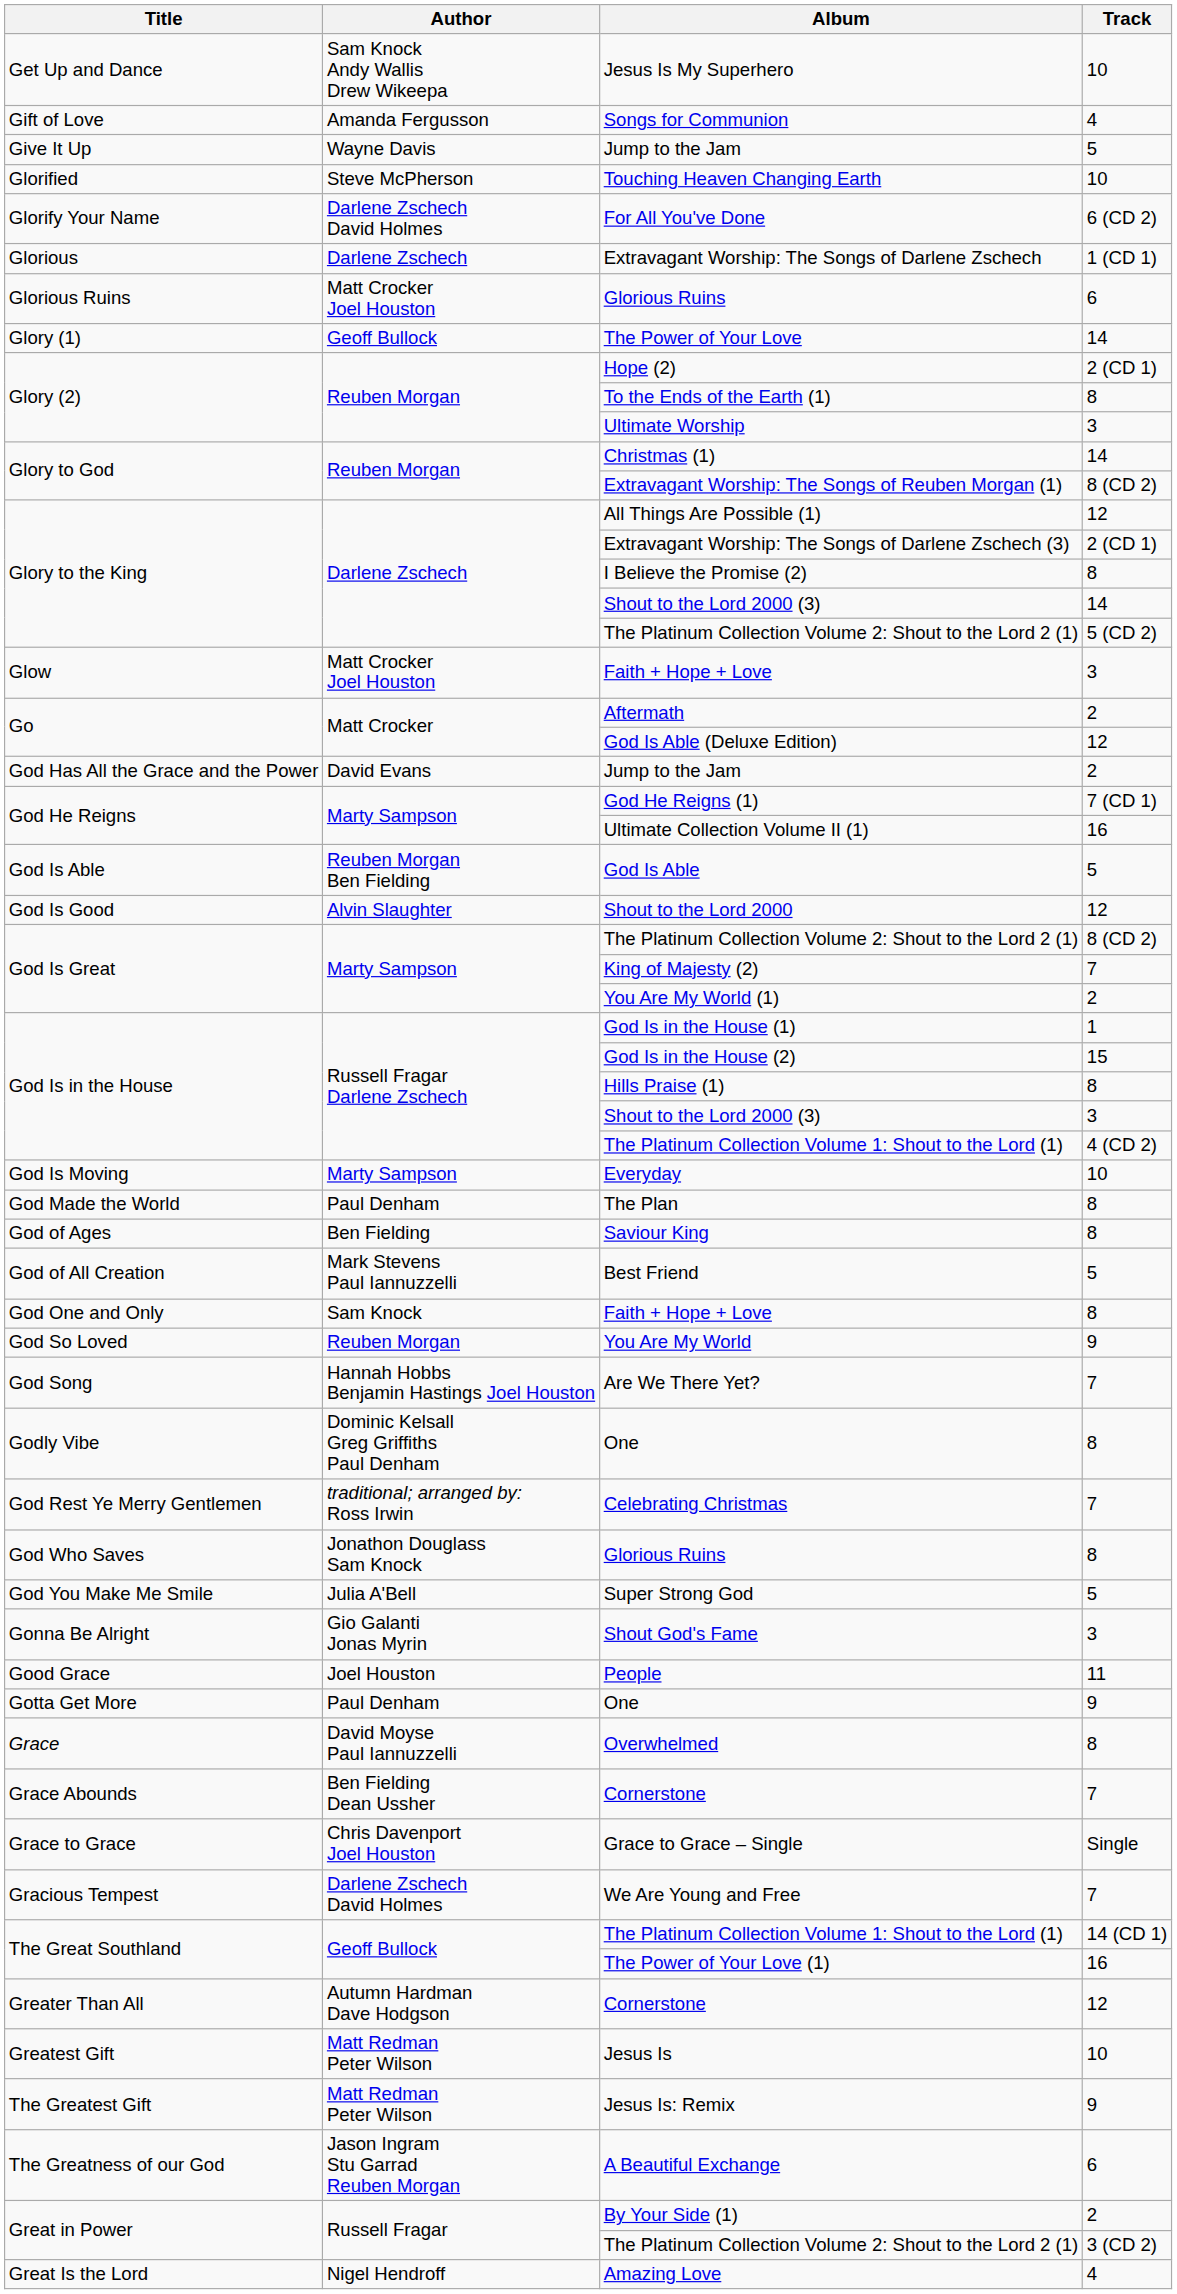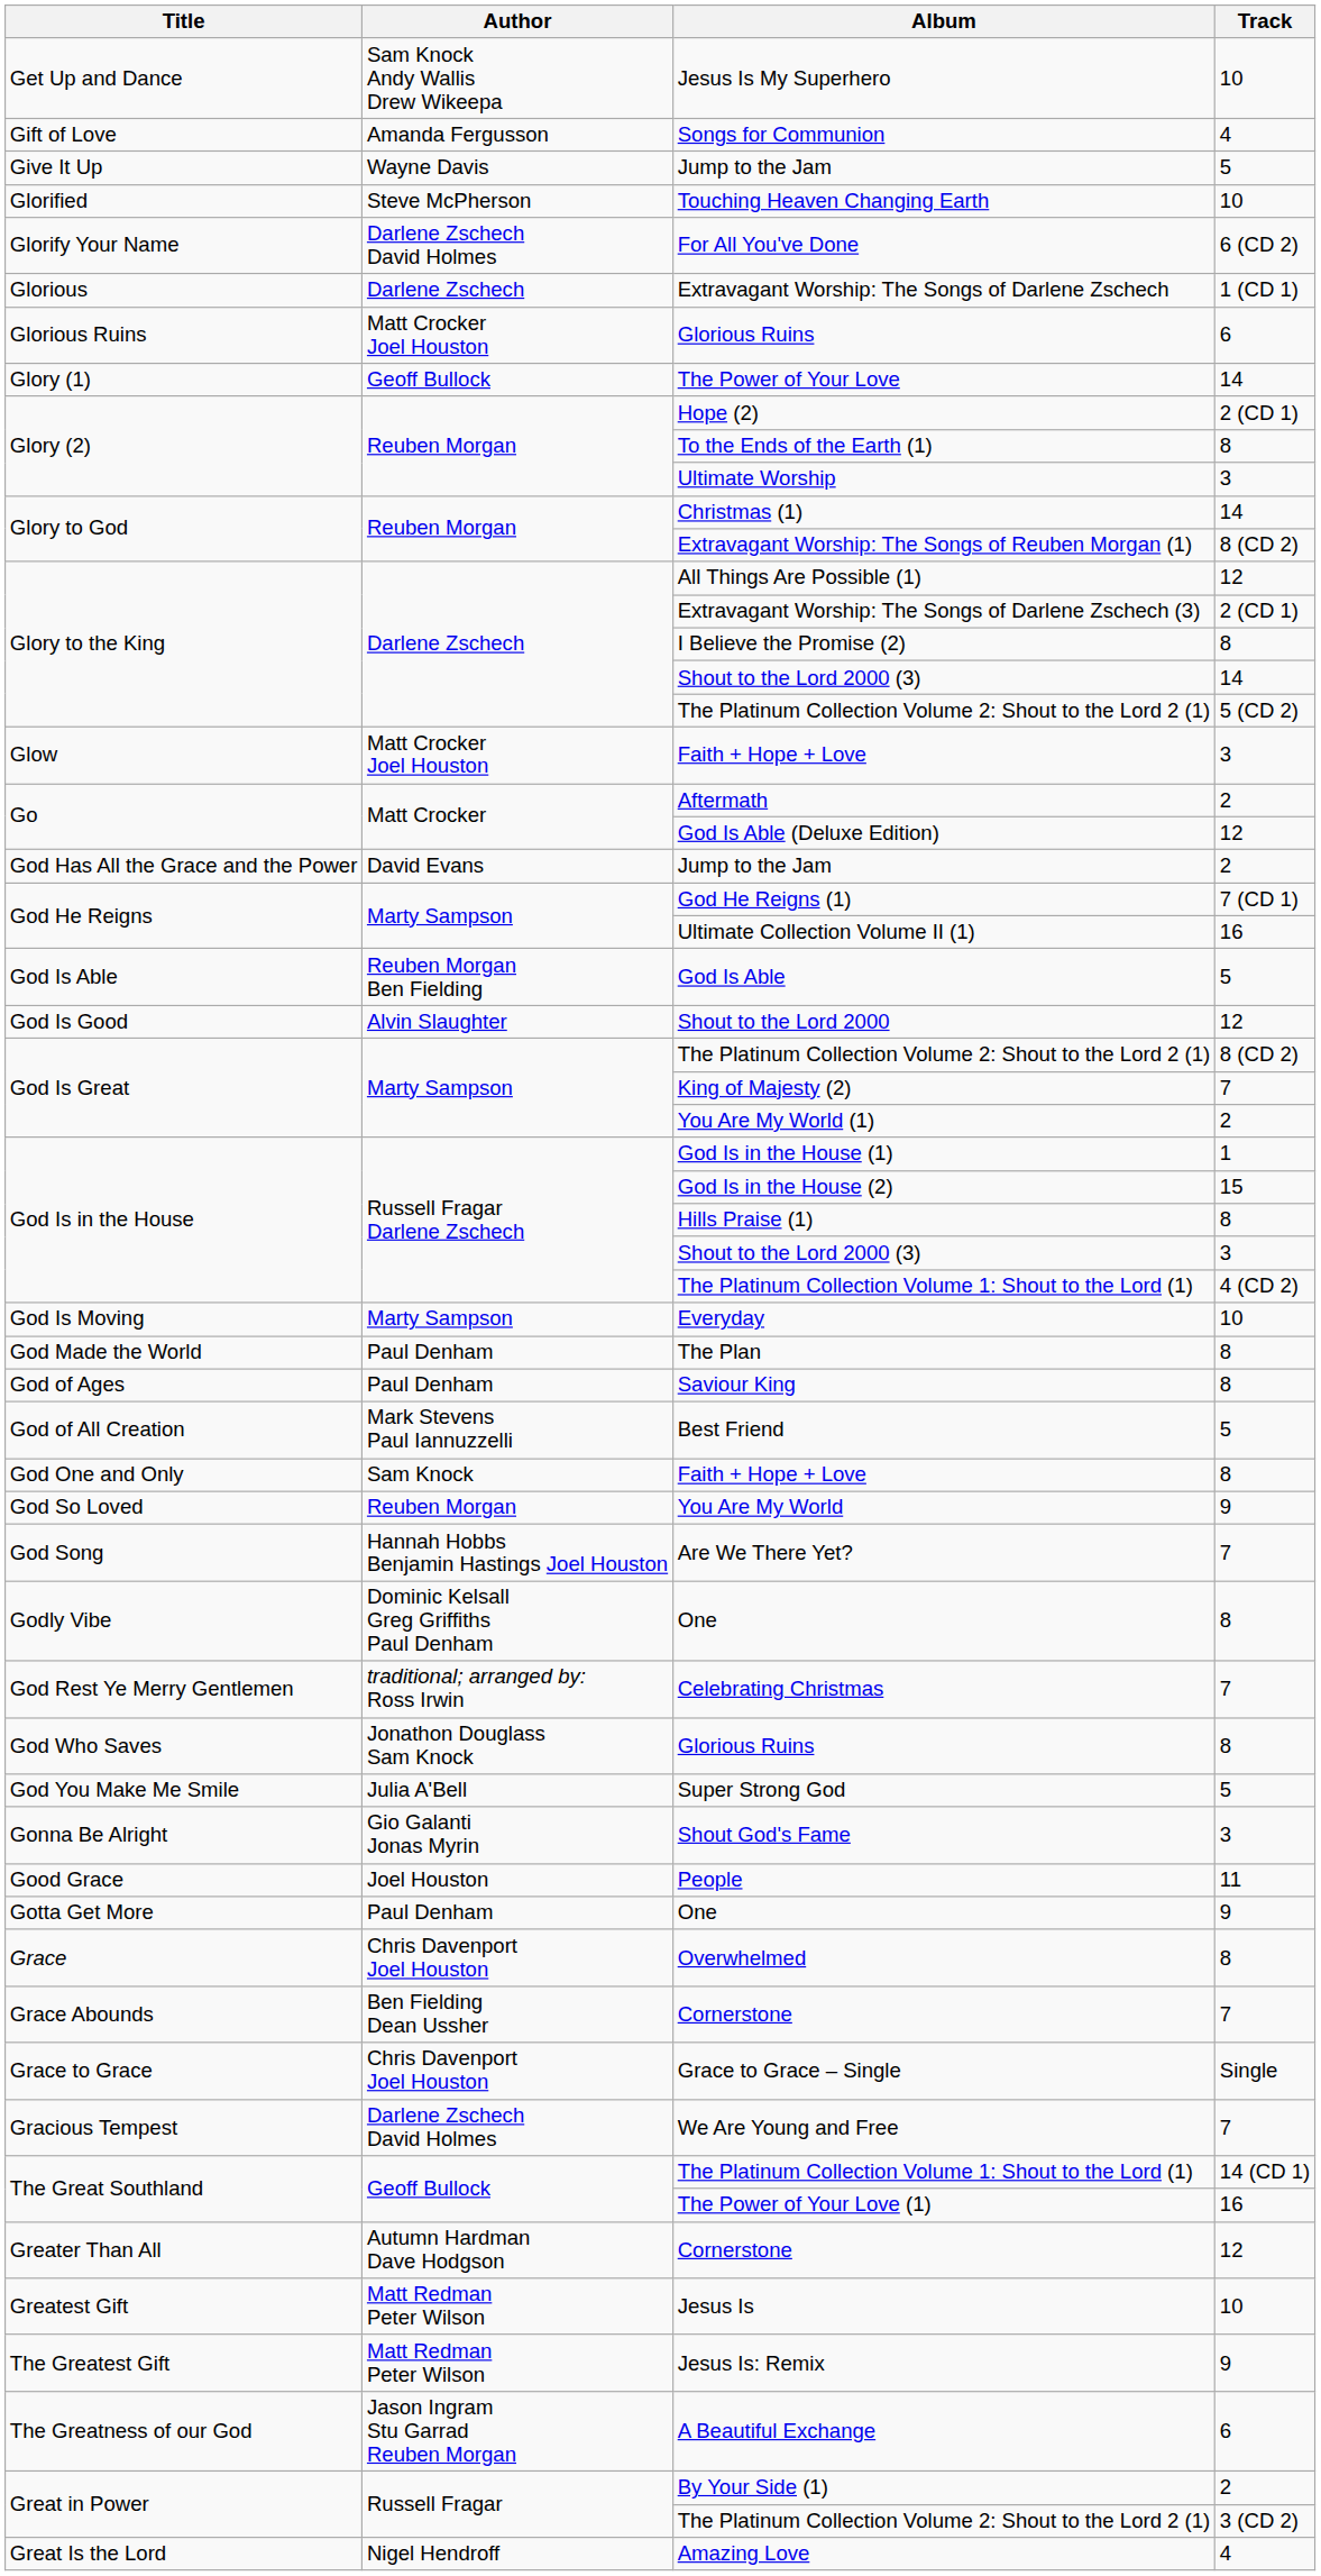 <table class="wikitable">
 <tr>
 <th>Title</th>
 <th>Author</th>
 <th>Album</th>
 <th>Track</th>
 </tr>
 <tr>
 <td>Get Up and Dance</td>
 <td>Sam Knock<br>Andy Wallis<br>Drew Wikeepa</td>
 <td>Jesus Is My Superhero</td>
 <td>10</td>
 </tr>
 <tr>
 <td>Gift of Love</td>
 <td>Amanda Fergusson</td>
 <td><a href='#'>Songs for Communion</a></td>
 <td>4</td>
 </tr>
 <tr>
 <td>Give It Up</td>
 <td>Wayne Davis</td>
 <td>Jump to the Jam</td>
 <td>5</td>
 </tr>
 <tr>
 <td>Glorified</td>
 <td>Steve McPherson</td>
 <td><a href='#'>Touching Heaven Changing Earth</a></td>
 <td>10</td>
 </tr>
 <tr>
 <td>Glorify Your Name</td>
 <td><a href='#'>Darlene Zschech</a><br>David Holmes</td>
 <td><a href='#'>For All You've Done</a></td>
 <td>6 (CD 2)</td>
 </tr>
 <tr>
 <td>Glorious</td>
 <td><a href='#'>Darlene Zschech</a></td>
 <td>Extravagant Worship: The Songs of Darlene Zschech</td>
 <td>1 (CD 1)</td>
 </tr>
 <tr>
 <td>Glorious Ruins</td>
 <td>Matt Crocker <br> <a href='#'>Joel Houston</a></td>
 <td><a href='#'>Glorious Ruins</a></td>
 <td>6</td>
 </tr>
 <tr>
 <td>Glory (1)</td>
 <td><a href='#'>Geoff Bullock</a></td>
 <td><a href='#'>The Power of Your Love</a></td>
 <td>14</td>
 </tr>
 <tr>
 <td rowspan="3">Glory (2)</td>
 <td rowspan="3"><a href='#'>Reuben Morgan</a></td>
 <td><a href='#'>Hope</a> (2)</td>
 <td>2 (CD 1)</td>
 </tr>
 <tr>
 <td><a href='#'>To the Ends of the Earth</a> (1)</td>
 <td>8</td>
 </tr>
 <tr>
 <td><a href='#'>Ultimate Worship</a></td>
 <td>3</td>
 </tr>
 <tr>
 <td rowspan="2">Glory to God</td>
 <td rowspan="2"><a href='#'>Reuben Morgan</a></td>
 <td><a href='#'>Christmas</a> (1)</td>
 <td>14</td>
 </tr>
 <tr>
 <td><a href='#'>Extravagant Worship: The Songs of Reuben Morgan</a> (1)</td>
 <td>8 (CD 2)</td>
 </tr>
 <tr>
 <td rowspan="5">Glory to the King</td>
 <td rowspan="5"><a href='#'>Darlene Zschech</a></td>
 <td>All Things Are Possible (1)</td>
 <td>12</td>
 </tr>
 <tr>
 <td>Extravagant Worship: The Songs of Darlene Zschech (3)</td>
 <td>2 (CD 1)</td>
 </tr>
 <tr>
 <td>I Believe the Promise (2)</td>
 <td>8</td>
 </tr>
 <tr>
 <td><a href='#'>Shout to the Lord 2000</a> (3)</td>
 <td>14</td>
 </tr>
 <tr>
 <td>The Platinum Collection Volume 2: Shout to the Lord 2 (1)</td>
 <td>5 (CD 2)</td>
 </tr>
 <tr>
 <td>Glow</td>
 <td>Matt Crocker <br> <a href='#'>Joel Houston</a></td>
 <td><a href='#'>Faith + Hope + Love</a></td>
 <td>3</td>
 </tr>
 <tr>
 <td rowspan="2">Go</td>
 <td rowspan="2">Matt Crocker</td>
 <td><a href='#'>Aftermath</a></td>
 <td>2</td>
 </tr>
 <tr>
 <td><a href='#'>God Is Able</a> (Deluxe Edition)</td>
 <td>12</td>
 </tr>
 <tr>
 <td>God Has All the Grace and the Power</td>
 <td>David Evans</td>
 <td>Jump to the Jam</td>
 <td>2</td>
 </tr>
 <tr>
 <td rowspan="2">God He Reigns</td>
 <td rowspan="2"><a href='#'>Marty Sampson</a></td>
 <td><a href='#'>God He Reigns</a> (1)</td>
 <td>7 (CD 1)</td>
 </tr>
 <tr>
 <td>Ultimate Collection Volume II (1)</td>
 <td>16</td>
 </tr>
 <tr>
 <td>God Is Able</td>
 <td><a href='#'>Reuben Morgan</a> <br> Ben Fielding</td>
 <td><a href='#'>God Is Able</a></td>
 <td>5</td>
 </tr>
 <tr>
 <td>God Is Good</td>
 <td><a href='#'>Alvin Slaughter</a></td>
 <td><a href='#'>Shout to the Lord 2000</a></td>
 <td>12</td>
 </tr>
 <tr>
 <td rowspan="3">God Is Great</td>
 <td rowspan="3"><a href='#'>Marty Sampson</a></td>
 <td>The Platinum Collection Volume 2: Shout to the Lord 2 (1)</td>
 <td>8 (CD 2)</td>
 </tr>
 <tr>
 <td><a href='#'>King of Majesty</a> (2)</td>
 <td>7</td>
 </tr>
 <tr>
 <td><a href='#'>You Are My World</a> (1)</td>
 <td>2</td>
 </tr>
 <tr>
 <td rowspan="5">God Is in the House</td>
 <td rowspan="5">Russell Fragar<br><a href='#'>Darlene Zschech</a></td>
 <td><a href='#'>God Is in the House</a> (1)</td>
 <td>1</td>
 </tr>
 <tr>
 <td><a href='#'>God Is in the House</a> (2)</td>
 <td>15</td>
 </tr>
 <tr>
 <td><a href='#'>Hills Praise</a> (1)</td>
 <td>8</td>
 </tr>
 <tr>
 <td><a href='#'>Shout to the Lord 2000</a> (3)</td>
 <td>3</td>
 </tr>
 <tr>
 <td><a href='#'>The Platinum Collection Volume 1: Shout to the Lord</a> (1)</td>
 <td>4 (CD 2)</td>
 </tr>
 <tr>
 <td>God Is Moving</td>
 <td><a href='#'>Marty Sampson</a></td>
 <td><a href='#'>Everyday</a></td>
 <td>10</td>
 </tr>
 <tr>
 <td>God Made the World</td>
 <td>Paul Denham</td>
 <td>The Plan</td>
 <td>8</td>
 </tr>
 <tr>
 <td>God of Ages</td>
-<td>Ben Fielding</td>
+<td>Paul Denham</td>
 <td><a href='#'>Saviour King</a></td>
 <td>8</td>
 </tr>
 <tr>
 <td>God of All Creation</td>
 <td>Mark Stevens <br> Paul Iannuzzelli</td>
 <td>Best Friend</td>
 <td>5</td>
 </tr>
 <tr>
 <td>God One and Only</td>
 <td>Sam Knock</td>
 <td><a href='#'>Faith + Hope + Love</a></td>
 <td>8</td>
 </tr>
 <tr>
 <td>God So Loved</td>
 <td><a href='#'>Reuben Morgan</a></td>
 <td><a href='#'>You Are My World</a></td>
 <td>9</td>
 </tr>
 <tr>
 <td>God Song</td>
 <td>Hannah Hobbs<br>Benjamin Hastings <a href='#'>Joel Houston</a></td>
 <td>Are We There Yet?</td>
 <td>7</td>
 </tr>
 <tr>
 <td>Godly Vibe</td>
 <td>Dominic Kelsall <br> Greg Griffiths <br> Paul Denham</td>
 <td>One</td>
 <td>8</td>
 </tr>
 <tr>
 <td>God Rest Ye Merry Gentlemen</td>
 <td><em>traditional; arranged by:</em> <br> Ross Irwin</td>
 <td><a href='#'>Celebrating Christmas</a></td>
 <td>7</td>
 </tr>
 <tr>
 <td>God Who Saves</td>
 <td>Jonathon Douglass <br> Sam Knock</td>
 <td><a href='#'>Glorious Ruins</a></td>
 <td>8</td>
 </tr>
 <tr>
 <td>God You Make Me Smile</td>
 <td>Julia A'Bell</td>
 <td>Super Strong God</td>
 <td>5</td>
 </tr>
 <tr>
 <td>Gonna Be Alright</td>
 <td>Gio Galanti <br> Jonas Myrin</td>
 <td><a href='#'>Shout God's Fame</a></td>
 <td>3</td>
 </tr>
 <tr>
 <td>Good Grace</td>
 <td>Joel Houston</td>
 <td><a href='#'>People</a></td>
 <td>11</td>
 </tr>
 <tr>
 <td>Gotta Get More</td>
 <td>Paul Denham</td>
 <td>One</td>
 <td>9</td>
 </tr>
 <tr>
 <td><em>Grace</em></td>
-<td>David Moyse <br> Paul Iannuzzelli</td>
+<td>Chris Davenport <br> <a href='#'>Joel Houston</a></td>
 <td><a href='#'>Overwhelmed</a></td>
 <td>8</td>
 </tr>
 <tr>
 <td>Grace Abounds</td>
 <td>Ben Fielding <br> Dean Ussher</td>
 <td><a href='#'>Cornerstone</a></td>
 <td>7</td>
 </tr>
 <tr>
 <td>Grace to Grace</td>
 <td>Chris Davenport <br> <a href='#'>Joel Houston</a></td>
 <td>Grace to Grace – Single</td>
 <td>Single</td>
 </tr>
 <tr>
 <td>Gracious Tempest</td>
 <td><a href='#'>Darlene Zschech</a><br>David Holmes</td>
 <td>We Are Young and Free</td>
 <td>7</td>
 </tr>
 <tr>
 <td rowspan="2">The Great Southland</td>
 <td rowspan="2"><a href='#'>Geoff Bullock</a></td>
 <td><a href='#'>The Platinum Collection Volume 1: Shout to the Lord</a> (1)</td>
 <td>14 (CD 1)</td>
 </tr>
 <tr>
 <td><a href='#'>The Power of Your Love</a> (1)</td>
 <td>16</td>
 </tr>
 <tr>
 <td>Greater Than All</td>
 <td>Autumn Hardman <br> Dave Hodgson</td>
 <td><a href='#'>Cornerstone</a></td>
 <td>12</td>
 </tr>
 <tr>
 <td>Greatest Gift</td>
 <td><a href='#'>Matt Redman</a> <br> Peter Wilson</td>
 <td>Jesus Is</td>
 <td>10</td>
 </tr>
 <tr>
 <td>The Greatest Gift</td>
 <td><a href='#'>Matt Redman</a> <br> Peter Wilson</td>
 <td>Jesus Is: Remix</td>
 <td>9</td>
 </tr>
 <tr>
 <td>The Greatness of our God</td>
 <td>Jason Ingram <br> Stu Garrad <br> <a href='#'>Reuben Morgan</a></td>
 <td><a href='#'>A Beautiful Exchange</a></td>
 <td>6</td>
 </tr>
 <tr>
 <td rowspan="2">Great in Power</td>
 <td rowspan="2">Russell Fragar</td>
 <td><a href='#'>By Your Side</a> (1)</td>
 <td>2</td>
 </tr>
 <tr>
 <td>The Platinum Collection Volume 2: Shout to the Lord 2 (1)</td>
 <td>3 (CD 2)</td>
 </tr>
 <tr>
 <td>Great Is the Lord</td>
 <td>Nigel Hendroff</td>
 <td><a href='#'>Amazing Love</a></td>
 <td>4</td>
 </tr>
 </table>
